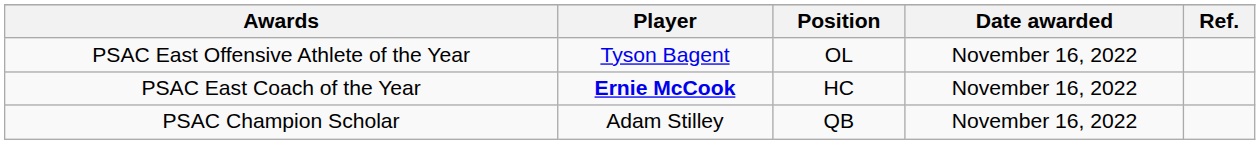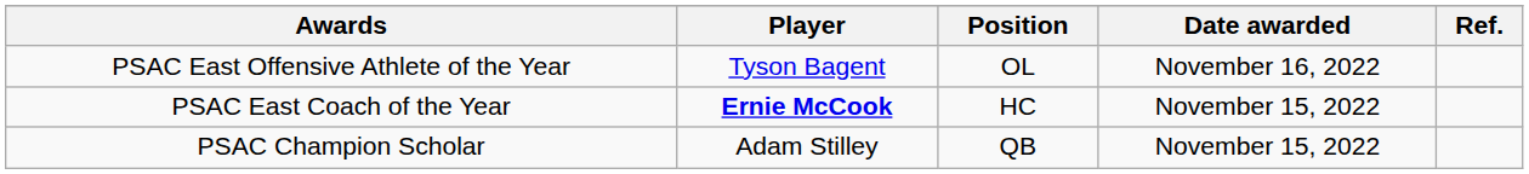 <table class="wikitable" style="width:75%; text-align:center;">
 <tr>
 </tr>
 <tr>
 <th>Awards</th>
 <th>Player</th>
 <th>Position</th>
 <th>Date awarded</th>
 <th>Ref.</th>
 </tr>
 <tr>
 <td>PSAC East Offensive Athlete of the Year</td>
 <td><a href='#'>Tyson Bagent</a></td>
 <td>OL</td>
 <td>November 16, 2022</td>
 <td></td>
 </tr>
 <tr>
 <td>PSAC East Coach of the Year</td>
 <td><strong><a href='#'>Ernie McCook</a></strong></td>
 <td>HC</td>
-<td>November 16, 2022</td>
+<td>November 15, 2022</td>
 <td></td>
 </tr>
 <tr>
 <td>PSAC Champion Scholar</td>
 <td>Adam Stilley</td>
 <td>QB</td>
-<td>November 16, 2022</td>
+<td>November 15, 2022</td>
 <td></td>
 </tr>
 </table>
